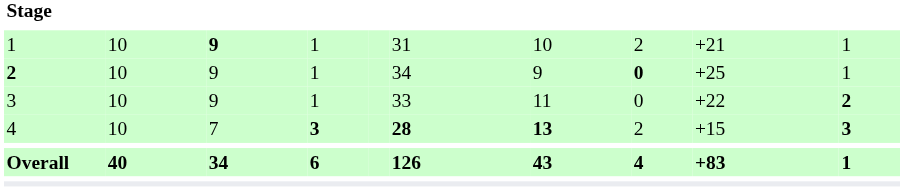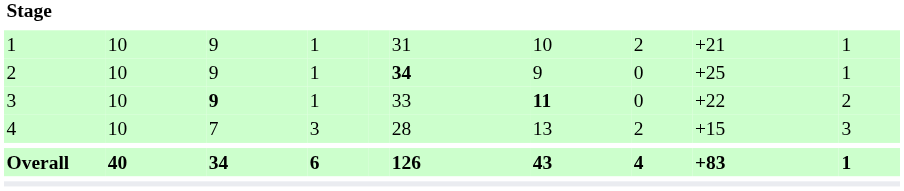 <table class="toccolours" border=0 cellpadding="2" cellspacing="0" style="font-size:95%; text-align:left; width:700px;">
 <tr align="left" style="background:#">
 <th style="width:75px">Stage</th>
 <th></th>
 <th></th>
 <th></th>
 <th></th>
 <th></th>
 <th></th>
 <th></th>
 <th></th>
 <th></th>
 </tr>
 <tr>
 <td colspan = "10"></td>
 </tr>
 <tr style="background:#cfc">
 <td>1</td>
 <td>10</td>
-<td><strong>9</strong></td>
+<td>9</td>
 <td>1</td>
 <td></td>
 <td>31</td>
 <td>10</td>
 <td>2</td>
 <td>+21</td>
 <td>1</td>
 </tr>
 <tr style="background:#cfc">
-<td><strong>2</strong></td>
+<td>2</td>
 <td>10</td>
 <td>9</td>
 <td>1</td>
 <td></td>
-<td>34</td>
+<td><strong>34</strong></td>
 <td>9</td>
-<td><strong>0</strong></td>
+<td>0</td>
 <td>+25</td>
 <td>1</td>
 </tr>
 <tr style="background:#cfc">
 <td>3</td>
 <td>10</td>
-<td>9</td>
+<td><strong>9</strong></td>
 <td>1</td>
 <td></td>
 <td>33</td>
-<td>11</td>
+<td><strong>11</strong></td>
 <td>0</td>
 <td>+22</td>
-<td><strong>2</strong></td>
+<td>2</td>
 </tr>
 <tr style="background:#cfc">
 <td>4</td>
 <td>10</td>
 <td>7</td>
-<td><strong>3</strong></td>
+<td>3</td>
 <td></td>
-<td><strong>28</strong></td>
-<td><strong>13</strong></td>
+<td>28</td>
+<td>13</td>
 <td>2</td>
 <td>+15</td>
-<td><strong>3</strong></td>
+<td>3</td>
 </tr>
 <tr>
 <td colspan="10"></td>
 </tr>
 <tr style="background-color:#cfc">
 <th>Overall</th>
 <th>40</th>
 <th>34</th>
 <th>6</th>
 <th></th>
 <th>126</th>
 <th>43</th>
 <th>4</th>
 <th>+83</th>
 <th>1</th>
 </tr>
 <tr>
 <td colspan="10"></td>
 </tr>
 <tr style="background:#EAECF0;">
 <td colspan="10" style="text-align:center;"></td>
 </tr>
 </table>
